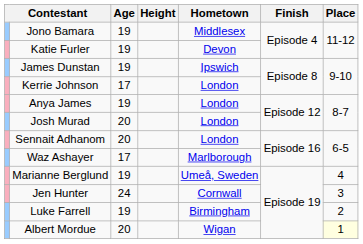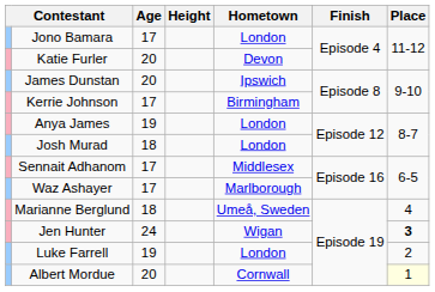 <table class="wikitable sortable" style="text-align:center;">
 <tr>
 <th colspan="2">Contestant</th>
 <th>Age</th>
 <th>Height</th>
 <th>Hometown</th>
 <th>Finish</th>
 <th>Place</th>
 </tr>
 <tr>
 <td style="background:#9cf;"></td>
 <td>Jono Bamara</td>
-<td>19</td>
+<td>17</td>
 <td></td>
-<td><a href='#'>Middlesex</a></td>
+<td><a href='#'>London</a></td>
 <td rowspan=2>Episode 4</td>
 <td rowspan=2>11-12</td>
 </tr>
 <tr>
 <td style="background:#faafbe"></td>
 <td>Katie Furler</td>
-<td>19</td>
+<td>20</td>
 <td></td>
 <td><a href='#'>Devon</a></td>
 </tr>
 <tr>
 <td style="background:#9cf;"></td>
 <td>James Dunstan</td>
-<td>19</td>
+<td>20</td>
 <td></td>
 <td><a href='#'>Ipswich</a></td>
 <td rowspan=2>Episode 8</td>
 <td rowspan=2>9-10</td>
 </tr>
 <tr>
 <td style="background:#faafbe"></td>
 <td>Kerrie Johnson</td>
 <td>17</td>
 <td></td>
-<td><a href='#'>London</a></td>
+<td><a href='#'>Birmingham</a></td>
 </tr>
 <tr>
 <td style="background:#faafbe"></td>
 <td>Anya James</td>
 <td>19</td>
 <td></td>
 <td><a href='#'>London</a></td>
 <td rowspan=2>Episode 12</td>
 <td rowspan=2>8-7</td>
 </tr>
 <tr>
 <td style="background:#9cf;"></td>
 <td>Josh Murad</td>
-<td>20</td>
+<td>18</td>
 <td></td>
 <td><a href='#'>London</a></td>
 </tr>
 <tr>
 <td style="background:#faafbe"></td>
 <td>Sennait Adhanom</td>
-<td>20</td>
+<td>17</td>
 <td></td>
-<td><a href='#'>London</a></td>
+<td><a href='#'>Middlesex</a></td>
 <td rowspan=2>Episode 16</td>
 <td rowspan=2>6-5</td>
 </tr>
 <tr>
 <td style="background:#9cf;"></td>
 <td>Waz Ashayer</td>
 <td>17</td>
 <td></td>
 <td><a href='#'>Marlborough</a></td>
 </tr>
 <tr>
 <td style="background:#faafbe"></td>
 <td>Marianne Berglund</td>
-<td>19</td>
+<td>18</td>
 <td></td>
 <td><a href='#'>Umeå, Sweden</a></td>
 <td rowspan=4>Episode 19</td>
 <td>4</td>
 </tr>
 <tr>
 <td style="background:#faafbe"></td>
 <td>Jen Hunter</td>
 <td>24</td>
 <td></td>
-<td><a href='#'>Cornwall</a></td>
-<td>3</td>
+<td><a href='#'>Wigan</a></td>
+<td><strong>3</strong></td>
 </tr>
 <tr>
 <td style="background:#9cf;"></td>
 <td>Luke Farrell</td>
 <td>19</td>
 <td></td>
-<td><a href='#'>Birmingham</a></td>
+<td><a href='#'>London</a></td>
 <td>2</td>
 </tr>
 <tr>
 <td style="background:#9cf;"></td>
 <td>Albert Mordue</td>
 <td>20</td>
 <td></td>
-<td><a href='#'>Wigan</a></td>
+<td><a href='#'>Cornwall</a></td>
 <td style="background: lightyellow;">1</td>
 </tr>
 </table>
